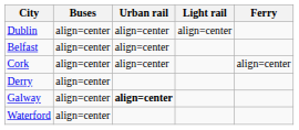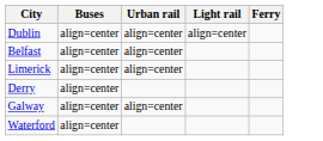 <table class="wikitable">
 <tr>
 <th>City</th>
 <th>Buses</th>
 <th>Urban rail</th>
 <th>Light rail</th>
 <th>Ferry</th>
 </tr>
 <tr -->
 <td><a href='#'>Dublin</a></td>
 <td>align=center </td>
 <td>align=center </td>
 <td>align=center </td>
 <td></td>
 </tr>
 <tr -->
 <td><a href='#'>Belfast</a></td>
 <td>align=center </td>
 <td>align=center </td>
 <td></td>
 <td></td>
 </tr>
 <tr -->
-<td><a href='#'>Cork</a></td>
+<td><a href='#'>Limerick</a></td>
 <td>align=center </td>
 <td>align=center </td>
 <td></td>
-<td>align=center </td>
+<td></td>
 </tr>
 <tr -->
 <td><a href='#'>Derry</a></td>
 <td>align=center </td>
 <td></td>
 <td></td>
 <td></td>
 </tr>
 <tr -->
 <td><a href='#'>Galway</a></td>
 <td>align=center </td>
-<td><strong>align=center </strong></td>
+<td>align=center </td>
 <td></td>
 <td></td>
 </tr>
 <tr -->
 <td><a href='#'>Waterford</a></td>
 <td>align=center </td>
 <td></td>
 <td></td>
 <td></td>
 </tr>
 </table>
